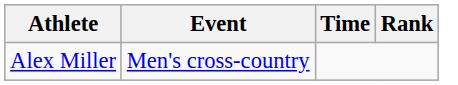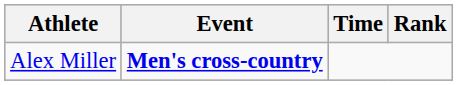 <table class=wikitable style=font-size:90%;text-align:center>
 <tr>
 <th>Athlete</th>
 <th>Event</th>
 <th>Time</th>
 <th>Rank</th>
 </tr>
 <tr align=center>
 <td align=left><a href='#'>Alex Miller</a></td>
-<td align=left><a href='#'>Men's cross-country</a></td>
+<td align=left><strong><a href='#'>Men's cross-country</a></strong></td>
 <td colspan=2></td>
 </tr>
 </table>
